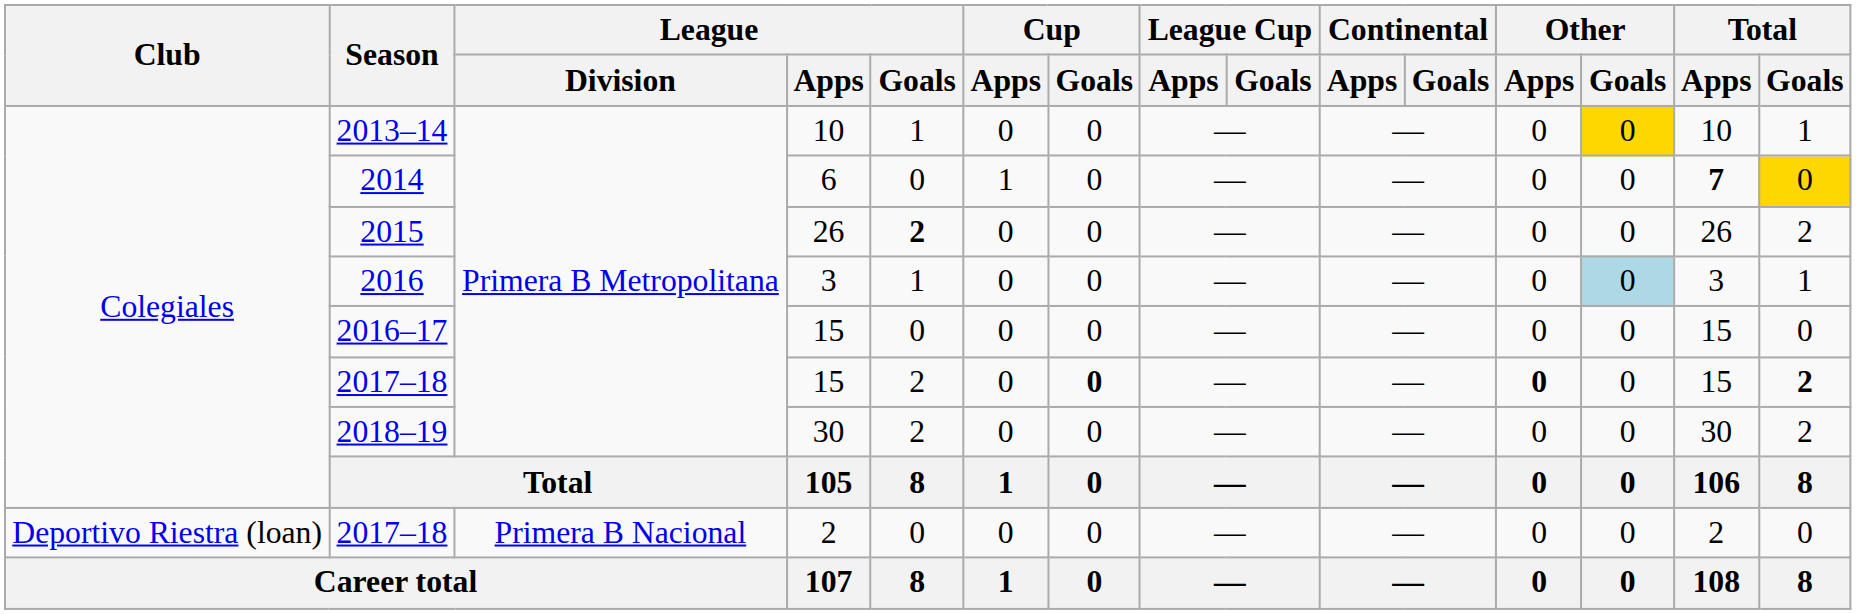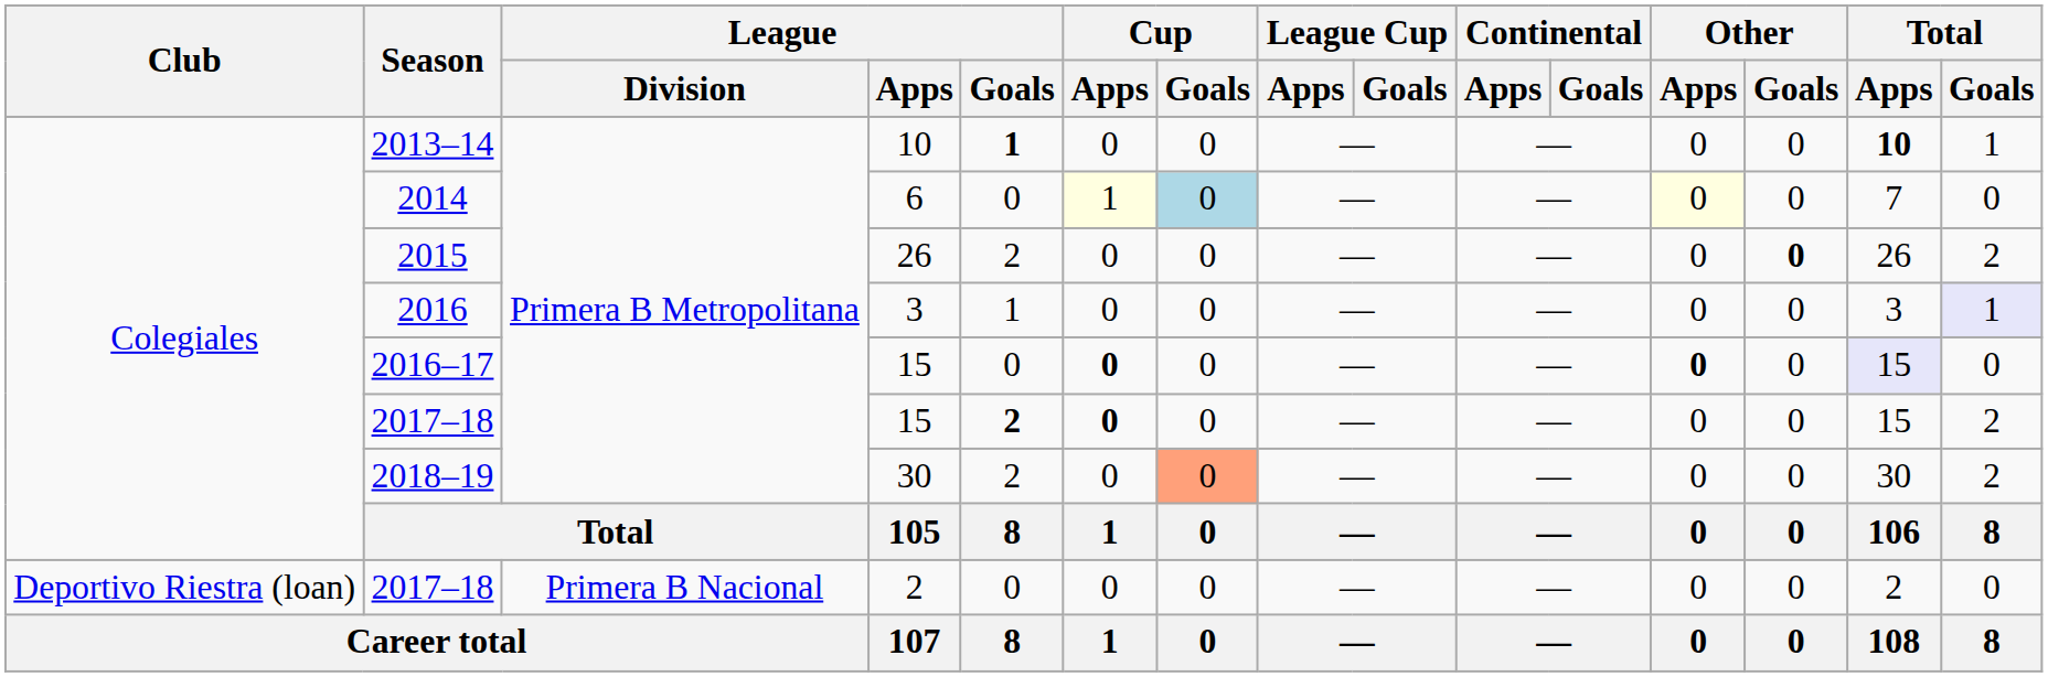 <table class="wikitable" style="text-align:center">
 <tr>
 <th rowspan="2">Club</th>
 <th rowspan="2">Season</th>
 <th colspan="3">League</th>
 <th colspan="2">Cup</th>
 <th colspan="2">League Cup</th>
 <th colspan="2">Continental</th>
 <th colspan="2">Other</th>
 <th colspan="2">Total</th>
 </tr>
 <tr>
 <th>Division</th>
 <th>Apps</th>
 <th>Goals</th>
 <th>Apps</th>
 <th>Goals</th>
 <th>Apps</th>
 <th>Goals</th>
 <th>Apps</th>
 <th>Goals</th>
 <th>Apps</th>
 <th>Goals</th>
 <th>Apps</th>
 <th>Goals</th>
 </tr>
 <tr>
 <td rowspan="8"><a href='#'>Colegiales</a></td>
 <td><a href='#'>2013–14</a></td>
 <td rowspan="7"><a href='#'>Primera B Metropolitana</a></td>
 <td>10</td>
-<td>1</td>
+<td><strong>1</strong></td>
 <td>0</td>
 <td>0</td>
 <td colspan="2">—</td>
 <td colspan="2">—</td>
 <td>0</td>
-<td style="background: gold;">0</td>
-<td>10</td>
+<td>0</td>
+<td><strong>10</strong></td>
 <td>1</td>
 </tr>
 <tr>
 <td><a href='#'>2014</a></td>
 <td>6</td>
 <td>0</td>
-<td>1</td>
-<td>0</td>
+<td style="background: lightyellow;">1</td>
+<td style="background: lightblue;">0</td>
 <td colspan="2">—</td>
 <td colspan="2">—</td>
+<td style="background: lightyellow;">0</td>
 <td>0</td>
+<td>7</td>
 <td>0</td>
-<td><strong>7</strong></td>
-<td style="background: gold;">0</td>
 </tr>
 <tr>
 <td><a href='#'>2015</a></td>
 <td>26</td>
-<td><strong>2</strong></td>
+<td>2</td>
 <td>0</td>
 <td>0</td>
 <td colspan="2">—</td>
 <td colspan="2">—</td>
 <td>0</td>
-<td>0</td>
+<td><strong>0</strong></td>
 <td>26</td>
 <td>2</td>
 </tr>
 <tr>
 <td><a href='#'>2016</a></td>
 <td>3</td>
 <td>1</td>
 <td>0</td>
 <td>0</td>
 <td colspan="2">—</td>
 <td colspan="2">—</td>
 <td>0</td>
-<td style="background: lightblue;">0</td>
+<td>0</td>
 <td>3</td>
-<td>1</td>
+<td style="background: lavender;">1</td>
 </tr>
 <tr>
 <td><a href='#'>2016–17</a></td>
 <td>15</td>
 <td>0</td>
+<td><strong>0</strong></td>
 <td>0</td>
+<td colspan="2">—</td>
+<td colspan="2">—</td>
+<td><strong>0</strong></td>
+<td>0</td>
+<td style="background: lavender;">15</td>
+<td>0</td>
+</tr>
+<tr>
+<td><a href='#'>2017–18</a></td>
+<td>15</td>
+<td><strong>2</strong></td>
+<td><strong>0</strong></td>
 <td>0</td>
 <td colspan="2">—</td>
 <td colspan="2">—</td>
 <td>0</td>
 <td>0</td>
 <td>15</td>
-<td>0</td>
-</tr>
-<tr>
-<td><a href='#'>2017–18</a></td>
-<td>15</td>
 <td>2</td>
-<td>0</td>
-<td><strong>0</strong></td>
-<td colspan="2">—</td>
-<td colspan="2">—</td>
-<td><strong>0</strong></td>
-<td>0</td>
-<td>15</td>
-<td><strong>2</strong></td>
 </tr>
 <tr>
 <td><a href='#'>2018–19</a></td>
 <td>30</td>
 <td>2</td>
 <td>0</td>
-<td>0</td>
+<td style="background: lightsalmon;">0</td>
 <td colspan="2">—</td>
 <td colspan="2">—</td>
 <td>0</td>
 <td>0</td>
 <td>30</td>
 <td>2</td>
 </tr>
 <tr>
 <th colspan="2">Total</th>
 <th>105</th>
 <th>8</th>
 <th>1</th>
 <th>0</th>
 <th colspan="2">—</th>
 <th colspan="2">—</th>
 <th>0</th>
 <th>0</th>
 <th>106</th>
 <th>8</th>
 </tr>
 <tr>
 <td rowspan="1"><a href='#'>Deportivo Riestra</a> (loan)</td>
 <td><a href='#'>2017–18</a></td>
 <td rowspan="1"><a href='#'>Primera B Nacional</a></td>
 <td>2</td>
 <td>0</td>
 <td>0</td>
 <td>0</td>
 <td colspan="2">—</td>
 <td colspan="2">—</td>
 <td>0</td>
 <td>0</td>
 <td>2</td>
 <td>0</td>
 </tr>
 <tr>
 <th colspan="3">Career total</th>
 <th>107</th>
 <th>8</th>
 <th>1</th>
 <th>0</th>
 <th colspan="2">—</th>
 <th colspan="2">—</th>
 <th>0</th>
 <th>0</th>
 <th>108</th>
 <th>8</th>
 </tr>
 </table>
